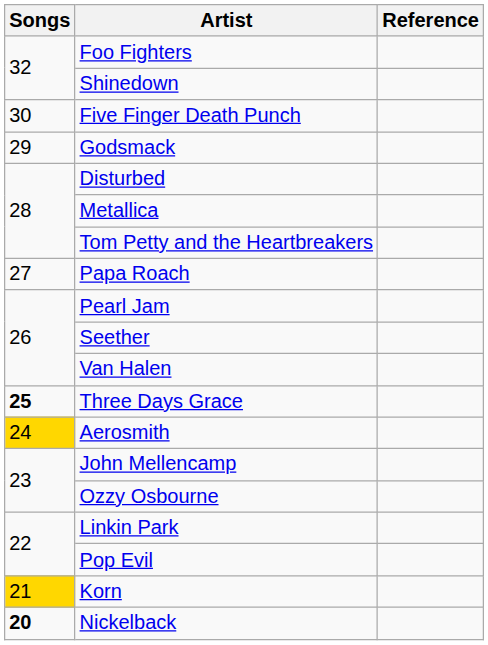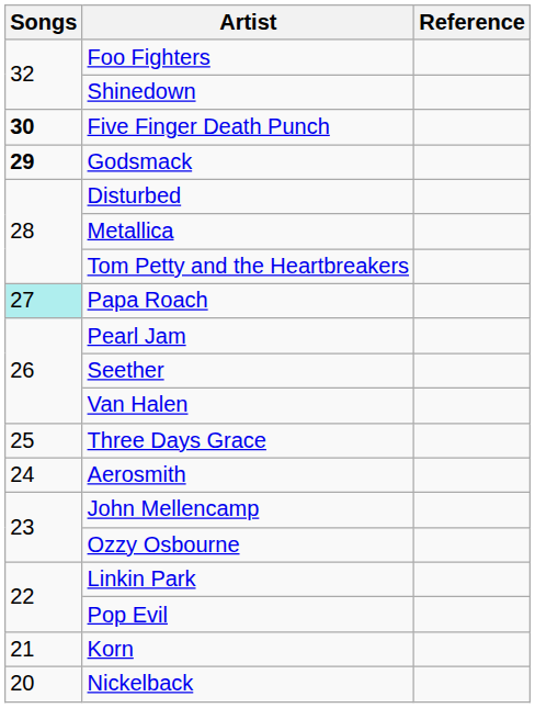 <table class="wikitable">
 <tr>
 <th>Songs</th>
 <th>Artist</th>
 <th>Reference</th>
 </tr>
 <tr>
 <td rowspan="2">32</td>
 <td><a href='#'>Foo Fighters</a></td>
 <td></td>
 </tr>
 <tr>
 <td><a href='#'>Shinedown</a></td>
 <td></td>
 </tr>
 <tr>
-<td>30</td>
+<td><strong>30</strong></td>
 <td><a href='#'>Five Finger Death Punch</a></td>
 <td></td>
 </tr>
 <tr>
-<td>29</td>
+<td><strong>29</strong></td>
 <td><a href='#'>Godsmack</a></td>
 <td></td>
 </tr>
 <tr>
 <td rowspan="3">28</td>
 <td><a href='#'>Disturbed</a></td>
 <td></td>
 </tr>
 <tr>
 <td><a href='#'>Metallica</a></td>
 <td></td>
 </tr>
 <tr>
 <td><a href='#'>Tom Petty and the Heartbreakers</a></td>
 <td></td>
 </tr>
 <tr>
-<td>27</td>
+<td style="background: paleturquoise;">27</td>
 <td><a href='#'>Papa Roach</a></td>
 <td></td>
 </tr>
 <tr>
 <td rowspan="3">26</td>
 <td><a href='#'>Pearl Jam</a></td>
 <td></td>
 </tr>
 <tr>
 <td><a href='#'>Seether</a></td>
 <td></td>
 </tr>
 <tr>
 <td><a href='#'>Van Halen</a></td>
 <td></td>
 </tr>
 <tr>
-<td><strong>25</strong></td>
+<td>25</td>
 <td><a href='#'>Three Days Grace</a></td>
 <td></td>
 </tr>
 <tr>
-<td style="background: gold;">24</td>
+<td>24</td>
 <td><a href='#'>Aerosmith</a></td>
 <td></td>
 </tr>
 <tr>
 <td rowspan="2">23</td>
 <td><a href='#'>John Mellencamp</a></td>
 <td></td>
 </tr>
 <tr>
 <td><a href='#'>Ozzy Osbourne</a></td>
 <td></td>
 </tr>
 <tr>
 <td rowspan="2">22</td>
 <td><a href='#'>Linkin Park</a></td>
 <td></td>
 </tr>
 <tr>
 <td><a href='#'>Pop Evil</a></td>
 <td></td>
 </tr>
 <tr>
-<td style="background: gold;">21</td>
+<td>21</td>
 <td><a href='#'>Korn</a></td>
 <td></td>
 </tr>
 <tr>
-<td><strong>20</strong></td>
+<td>20</td>
 <td><a href='#'>Nickelback</a></td>
 <td></td>
 </tr>
 </table>
